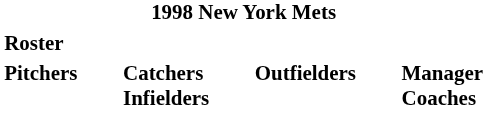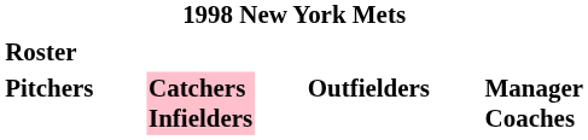 <table class="toccolours" style="font-size: 95%;">
 <tr>
 <th colspan="10">1998 New York Mets</th>
 </tr>
 <tr>
 <td colspan="10"><strong>Roster</strong></td>
 </tr>
 <tr>
 <td valign="top"><strong>Pitchers</strong><br>                  </td>
 <td width="25px"></td>
-<td valign="top"><strong>Catchers</strong><br>      <strong>Infielders</strong>            </td>
+<td valign="top" style="background: pink;"><strong>Catchers</strong><br>      <strong>Infielders</strong>            </td>
 <td width="25px"></td>
 <td valign="top"><strong>Outfielders</strong><br>           </td>
 <td width="25px"></td>
 <td valign="top"><strong>Manager</strong><br> <strong>Coaches</strong>      </td>
 </tr>
 </table>
